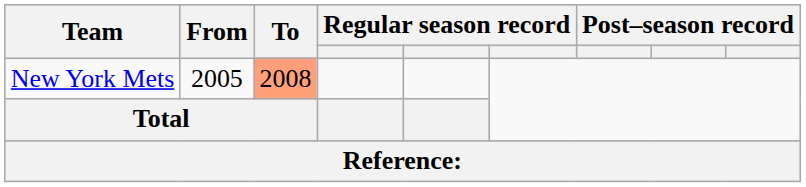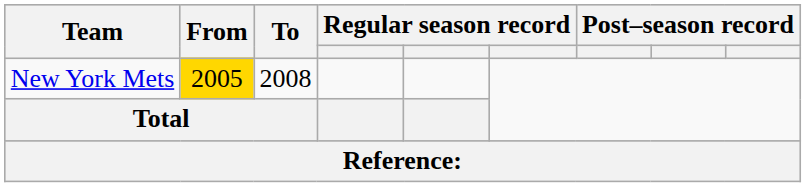 <table class="wikitable" Style="text-align: center;font-size:100%">
 <tr>
 <th rowspan="2">Team</th>
 <th rowspan="2">From</th>
 <th rowspan="2">To</th>
 <th colspan="3">Regular season record</th>
 <th colspan="3">Post–season record</th>
 </tr>
 <tr>
 <th></th>
 <th></th>
 <th></th>
 <th></th>
 <th></th>
 <th></th>
 </tr>
 <tr>
 <td><a href='#'>New York Mets</a></td>
-<td>2005</td>
-<td style="background: lightsalmon;">2008</td>
+<td style="background: gold;">2005</td>
+<td>2008</td>
 <td></td>
 <td></td>
 </tr>
 <tr>
 <th colspan="3">Total</th>
 <th></th>
 <th></th>
 </tr>
 <tr>
 <th colspan="9">Reference:</th>
 </tr>
 </table>
